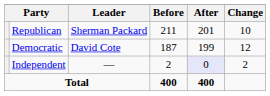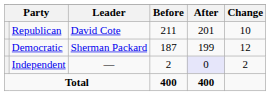 <table class="wikitable" style="text-align:center;">
 <tr>
 </tr>
 <tr>
 <th colspan=2>Party</th>
 <th>Leader</th>
 <th style="width:3em">Before</th>
 <th style="width:3em">After</th>
 <th style="width:3em">Change</th>
 </tr>
 <tr>
 <th style="background-color:"></th>
 <td style="text-align:left;"><a href='#'>Republican</a></td>
-<td style="text-align:left;"><a href='#'>Sherman Packard</a></td>
+<td style="text-align:left;"><a href='#'>David Cote</a></td>
 <td>211</td>
 <td>201</td>
 <td>10</td>
 </tr>
 <tr>
 <th style="background-color:"></th>
 <td style="text-align:left;"><a href='#'>Democratic</a></td>
-<td style="text-align:left;"><a href='#'>David Cote</a></td>
+<td style="text-align:left;"><a href='#'>Sherman Packard</a></td>
 <td>187</td>
 <td>199</td>
 <td>12</td>
 </tr>
 <tr>
 <th style="background-color:"></th>
 <td style="text-align:left;"><a href='#'>Independent</a></td>
 <td style="text-align:center;">—</td>
 <td>2</td>
 <td style="background: lavender;">0</td>
 <td>2</td>
 </tr>
 <tr>
 <td colspan=3><strong>Total</strong></td>
 <td><strong>400</strong></td>
 <td><strong>400</strong></td>
 <td></td>
 </tr>
 </table>
